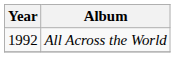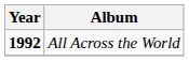 <table class="wikitable" style="text-align:center;">
 <tr>
 <th>Year</th>
 <th>Album</th>
 </tr>
 <tr>
-<td>1992</td>
+<td><strong>1992</strong></td>
 <td align="left"><em>All Across the World</em></td>
 </tr>
 <tr>
 </tr>
 </table>
